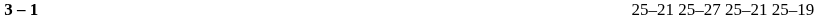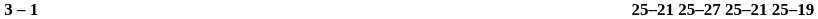 <table width=100% cellspacing=1>
 <tr>
 <th width=20%></th>
 <th width=12%></th>
 <th width=20%></th>
 <th width=33%></th>
 <td></td>
 </tr>
 <tr style=font-size:90%>
 <td align=right><strong></strong></td>
 <td align=center><strong>3 – 1</strong></td>
 <td></td>
-<td>25–21 25–27 25–21 25–19</td>
+<td><strong>25–21 25–27 25–21 25–19</strong></td>
 </tr>
 </table>
